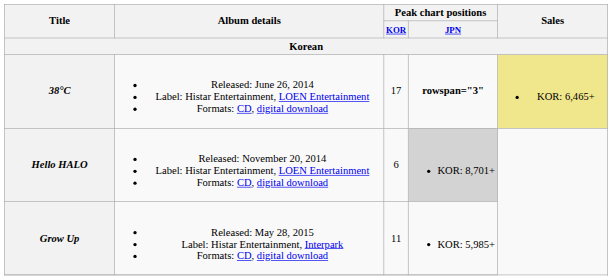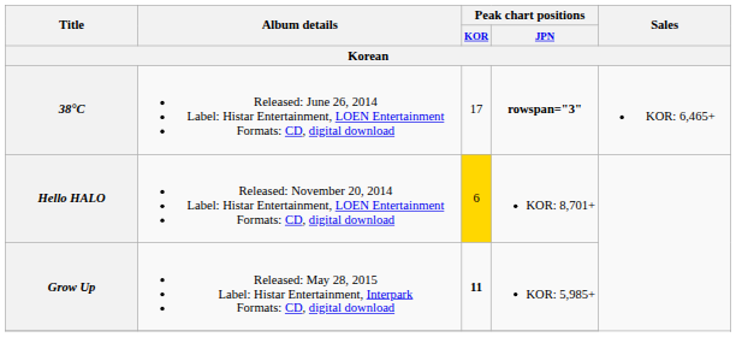 <table class="wikitable plainrowheaders" style="text-align:center;">
 <tr>
 <th scope="col" rowspan="2" style="width:10em;">Title</th>
 <th scope="col" rowspan="2" style="width:25em;">Album details</th>
 <th scope="col" colspan="2" style="width:5em;">Peak chart positions</th>
 <th scope="col" rowspan="2" style="width:10em;">Sales</th>
 </tr>
 <tr>
 <th><small><a href='#'>KOR</a></small><br></th>
 <th><small><a href='#'>JPN</a></small><br></th>
 </tr>
 <tr>
 <th scope="col" colspan="5">Korean</th>
 </tr>
 <tr>
 <th scope="row"><em>38°C</em></th>
 <td><br><ul><li>Released: June 26, 2014</li><li>Label: Histar Entertainment, <a href='#'>LOEN Entertainment</a></li><li>Formats: <a href='#'>CD</a>, <a href='#'>digital download</a></li></ul></td>
 <td>17</td>
 <td><strong>rowspan="3" </strong></td>
-<td style="background: khaki;"><br><ul><li>KOR: 6,465+</li></ul></td>
+<td><br><ul><li>KOR: 6,465+</li></ul></td>
 </tr>
 <tr>
 <th scope="row"><em>Hello HALO</em></th>
 <td><br><ul><li>Released: November 20, 2014</li><li>Label: Histar Entertainment, <a href='#'>LOEN Entertainment</a></li><li>Formats: <a href='#'>CD</a>, <a href='#'>digital download</a></li></ul></td>
-<td>6</td>
-<td style="background: lightgrey;"><br><ul><li>KOR: 8,701+</li></ul></td>
+<td style="background: gold;">6</td>
+<td><br><ul><li>KOR: 8,701+</li></ul></td>
 </tr>
 <tr>
 <th scope="row"><em>Grow Up</em></th>
 <td><br><ul><li>Released: May 28, 2015</li><li>Label: Histar Entertainment, <a href='#'>Interpark</a></li><li>Formats: <a href='#'>CD</a>, <a href='#'>digital download</a></li></ul></td>
-<td>11</td>
+<td><strong>11</strong></td>
 <td><br><ul><li>KOR: 5,985+</li></ul></td>
 </tr>
 <tr>
 </tr>
 </table>
